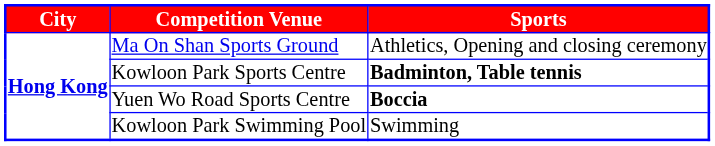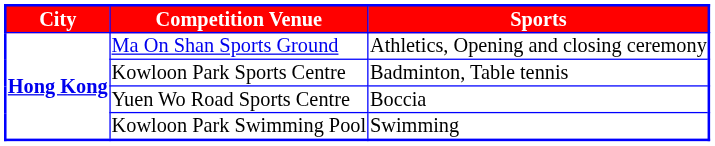 <table border=1 style="border-collapse:collapse; text-align:left; font-size:100%; border:2px solid blue;">
 <tr style="text-align:center; color:white; font-weight:bold; background:red;">
 <td>City</td>
 <td>Competition Venue</td>
 <td>Sports</td>
 </tr>
 <tr>
 <th rowspan=5><a href='#'>Hong Kong</a></th>
 </tr>
 <tr>
 <td><a href='#'>Ma On Shan Sports Ground</a></td>
 <td>Athletics, Opening and closing ceremony</td>
 </tr>
 <tr>
 <td>Kowloon Park Sports Centre</td>
-<td><strong>Badminton, Table tennis</strong></td>
+<td>Badminton, Table tennis</td>
 </tr>
 <tr>
 <td>Yuen Wo Road Sports Centre</td>
-<td><strong>Boccia</strong></td>
+<td>Boccia</td>
 </tr>
 <tr>
 <td>Kowloon Park Swimming Pool</td>
 <td>Swimming</td>
 </tr>
 </table>
